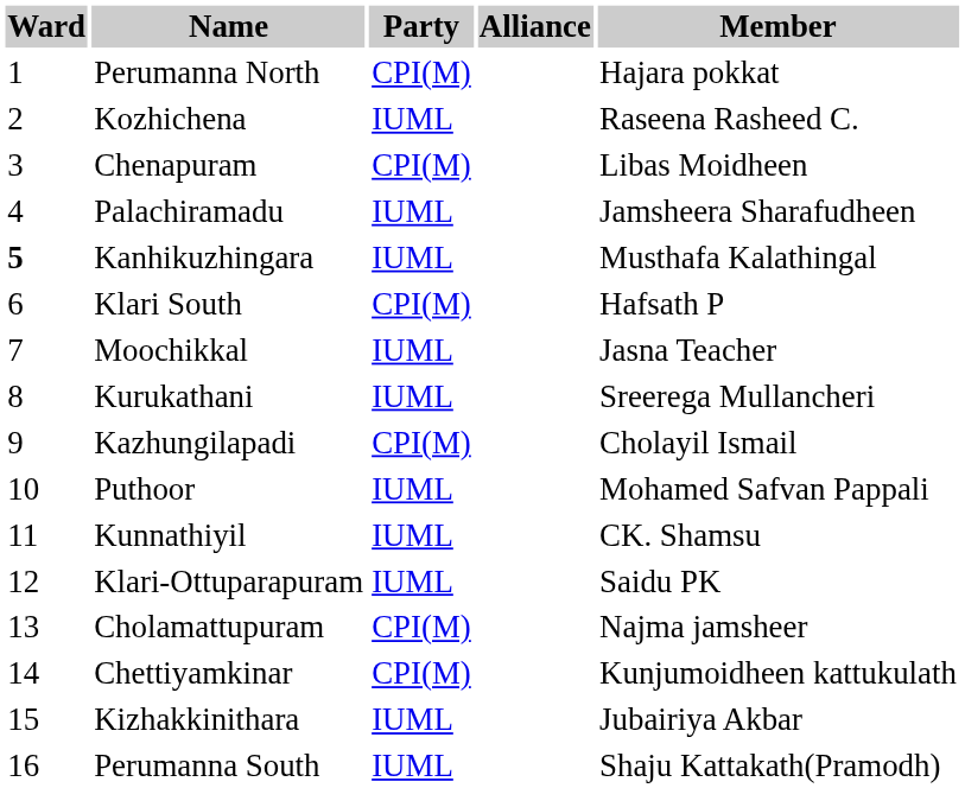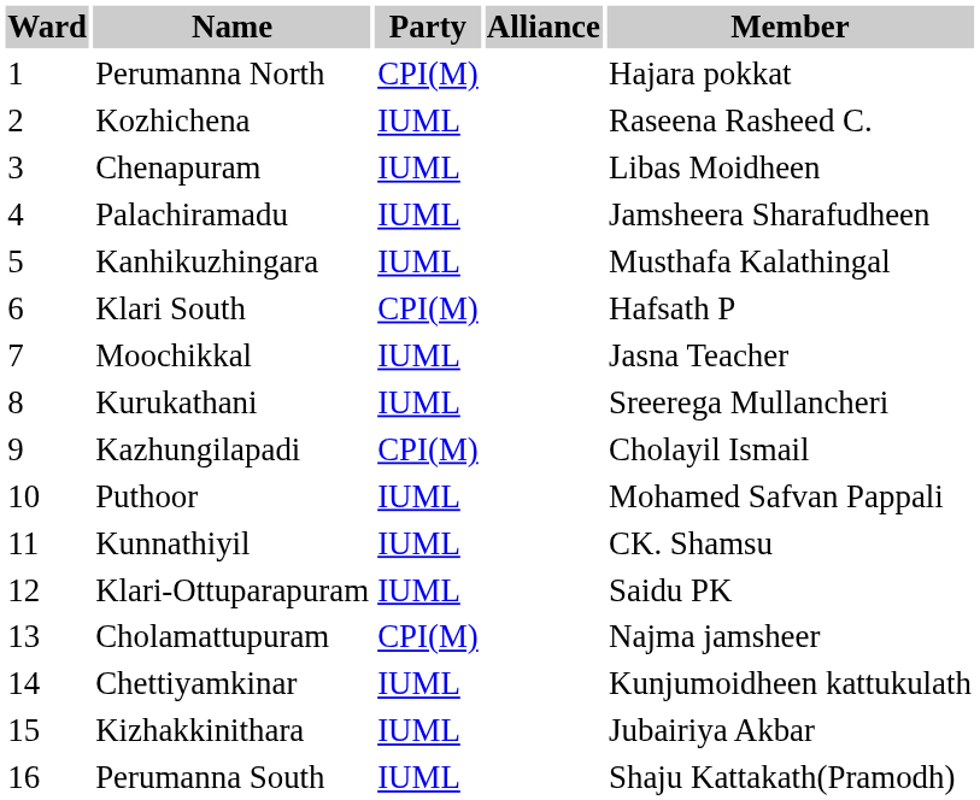 <table align="left" class="toccolours" style="margin-right: .5em; margin-top: .4em;font-size: 95%; cellspacing="1" cellpadding="1" text-align="center" ;>
 <tr>
 </tr>
 <tr bgcolor="#cccccc" valign="top">
 <th>Ward</th>
 <th>Name</th>
 <th>Party</th>
 <th>Alliance</th>
 <th>Member</th>
 </tr>
 <tr po>
 <td>1</td>
 <td>Perumanna North</td>
 <td style="background-color:"><a href='#'><span>CPI(M)</span></a></td>
 <td></td>
 <td>Hajara pokkat</td>
 </tr>
 <tr>
 <td>2</td>
 <td>Kozhichena</td>
 <td style="background-color:"><a href='#'><span>IUML</span></a></td>
 <td></td>
 <td>Raseena Rasheed C.</td>
 </tr>
 <tr>
 <td>3</td>
 <td>Chenapuram</td>
-<td style="background-color:"><a href='#'><span>CPI(M)</span></a></td>
+<td style="background-color:"><a href='#'><span>IUML</span></a></td>
 <td></td>
 <td>Libas Moidheen</td>
 </tr>
 <tr>
 <td>4</td>
 <td>Palachiramadu</td>
 <td style="background-color:"><a href='#'><span>IUML</span></a></td>
 <td></td>
 <td>Jamsheera Sharafudheen</td>
 </tr>
 <tr>
-<td><strong>5</strong></td>
+<td>5</td>
 <td>Kanhikuzhingara</td>
 <td style="background-color:"><a href='#'><span>IUML</span></a></td>
 <td></td>
 <td>Musthafa Kalathingal</td>
 </tr>
 <tr>
 <td>6</td>
 <td>Klari South</td>
 <td style="background-color:"><a href='#'><span>CPI(M)</span></a></td>
 <td></td>
 <td>Hafsath P</td>
 </tr>
 <tr>
 <td>7</td>
 <td>Moochikkal</td>
 <td style="background-color:"><a href='#'><span>IUML</span></a></td>
 <td></td>
 <td>Jasna Teacher</td>
 </tr>
 <tr>
 <td>8</td>
 <td>Kurukathani</td>
 <td style="background-color:"><a href='#'><span>IUML</span></a></td>
 <td></td>
 <td>Sreerega Mullancheri</td>
 </tr>
 <tr>
 <td>9</td>
 <td>Kazhungilapadi</td>
 <td style="background-color:"><a href='#'><span>CPI(M)</span></a></td>
 <td></td>
 <td>Cholayil Ismail</td>
 </tr>
 <tr>
 <td>10</td>
 <td>Puthoor</td>
 <td style="background-color:"><a href='#'><span>IUML</span></a></td>
 <td></td>
 <td>Mohamed Safvan Pappali</td>
 </tr>
 <tr>
 <td>11</td>
 <td>Kunnathiyil</td>
 <td style="background-color:"><a href='#'><span>IUML</span></a></td>
 <td></td>
 <td>CK. Shamsu</td>
 </tr>
 <tr>
 <td>12</td>
 <td>Klari-Ottuparapuram</td>
 <td style="background-color:"><a href='#'><span>IUML</span></a></td>
 <td></td>
 <td>Saidu PK</td>
 </tr>
 <tr>
 <td>13</td>
 <td>Cholamattupuram</td>
 <td style="background-color:"><a href='#'><span>CPI(M)</span></a></td>
 <td></td>
 <td>Najma jamsheer</td>
 </tr>
 <tr>
 <td>14</td>
 <td>Chettiyamkinar</td>
-<td style="background-color:"><a href='#'><span>CPI(M)</span></a></td>
+<td style="background-color:"><a href='#'><span>IUML</span></a></td>
 <td></td>
 <td>Kunjumoidheen kattukulath</td>
 </tr>
 <tr>
 <td>15</td>
 <td>Kizhakkinithara</td>
 <td style="background-color:"><a href='#'><span>IUML</span></a></td>
 <td></td>
 <td>Jubairiya Akbar</td>
 </tr>
 <tr>
 <td>16</td>
 <td>Perumanna South</td>
 <td style="background-color:"><a href='#'><span>IUML</span></a></td>
 <td></td>
 <td>Shaju Kattakath(Pramodh)</td>
 </tr>
 </table>
